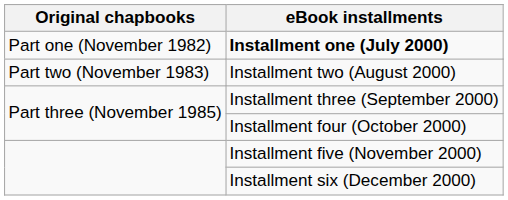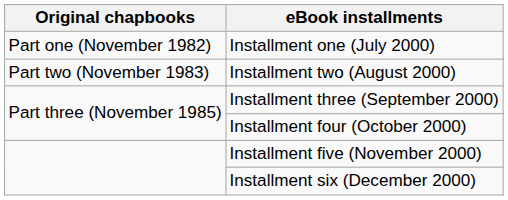 <table class="wikitable">
 <tr>
 <th>Original chapbooks</th>
 <th>eBook installments</th>
 </tr>
 <tr>
 <td rowspan=2>Part one (November 1982)</td>
-<td><strong>Installment one (July 2000)</strong></td>
+<td>Installment one (July 2000)</td>
 </tr>
 <tr>
 <td rowspan=2>Installment two (August 2000)</td>
 </tr>
 <tr>
 <td rowspan=2>Part two (November 1983)</td>
 </tr>
 <tr>
 <td rowspan=2>Installment three (September 2000)</td>
 </tr>
 <tr>
 <td rowspan=2>Part three (November 1985)</td>
 </tr>
 <tr>
 <td>Installment four (October 2000)</td>
 </tr>
 <tr>
 <td rowspan=2></td>
 <td>Installment five (November 2000)</td>
 </tr>
 <tr>
 <td>Installment six (December 2000)</td>
 </tr>
 </table>
